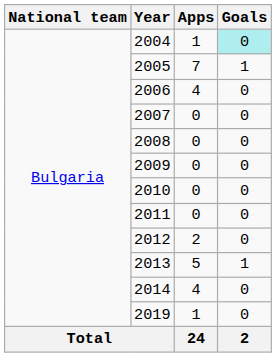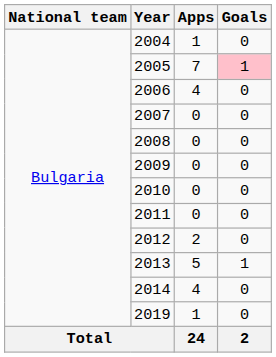 <table class="wikitable" style="text-align:center">
 <tr>
 <th>National team</th>
 <th>Year</th>
 <th>Apps</th>
 <th>Goals</th>
 </tr>
 <tr>
 <td rowspan="12"><a href='#'>Bulgaria</a></td>
 <td>2004</td>
 <td>1</td>
-<td style="background: paleturquoise;">0</td>
+<td>0</td>
 </tr>
 <tr>
 <td>2005</td>
 <td>7</td>
-<td>1</td>
+<td style="background: pink;">1</td>
 </tr>
 <tr>
 <td>2006</td>
 <td>4</td>
 <td>0</td>
 </tr>
 <tr>
 <td>2007</td>
 <td>0</td>
 <td>0</td>
 </tr>
 <tr>
 <td>2008</td>
 <td>0</td>
 <td>0</td>
 </tr>
 <tr>
 <td>2009</td>
 <td>0</td>
 <td>0</td>
 </tr>
 <tr>
 <td>2010</td>
 <td>0</td>
 <td>0</td>
 </tr>
 <tr>
 <td>2011</td>
 <td>0</td>
 <td>0</td>
 </tr>
 <tr>
 <td>2012</td>
 <td>2</td>
 <td>0</td>
 </tr>
 <tr>
 <td>2013</td>
 <td>5</td>
 <td>1</td>
 </tr>
 <tr>
 <td>2014</td>
 <td>4</td>
 <td>0</td>
 </tr>
 <tr>
 <td>2019</td>
 <td>1</td>
 <td>0</td>
 </tr>
 <tr>
 <th colspan="2">Total</th>
 <th>24</th>
 <th>2</th>
 </tr>
 </table>
